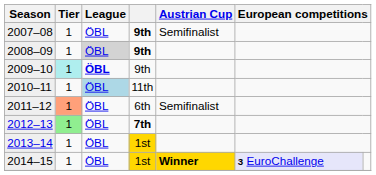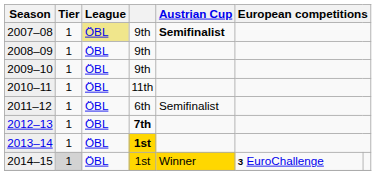 <table class="wikitable" style="font-size:85%">
 <tr>
 <th>Season</th>
 <th>Tier</th>
 <th>League</th>
 <th></th>
 <th><a href='#'>Austrian Cup</a></th>
 <th colspan=2>European competitions</th>
 </tr>
 <tr>
 <td style="background:#efefef;">2007–08</td>
 <td align="center">1</td>
-<td><a href='#'>ÖBL</a></td>
-<td style="background:"  align="center"><strong>9th</strong></td>
-<td>Semifinalist</td>
+<td style="background: khaki;"><a href='#'>ÖBL</a></td>
+<td style="background:"  align="center">9th</td>
+<td><strong>Semifinalist</strong></td>
 <td colspan=2></td>
 </tr>
 <tr>
 <td style="background:#efefef;">2008–09</td>
 <td align="center">1</td>
-<td style="background: lightgrey;"><a href='#'>ÖBL</a></td>
-<td style="background:"  align="center"><strong>9th</strong></td>
+<td><a href='#'>ÖBL</a></td>
+<td style="background:"  align="center">9th</td>
 <td></td>
 <td colspan=2></td>
 </tr>
 <tr>
 <td style="background:#efefef;">2009–10</td>
-<td align="center" style="background: paleturquoise;">1</td>
-<td><strong><a href='#'>ÖBL</a></strong></td>
+<td align="center">1</td>
+<td><a href='#'>ÖBL</a></td>
 <td style="background:"  align="center">9th</td>
 <td></td>
 <td colspan=2></td>
 </tr>
 <tr>
 <td style="background:#efefef;">2010–11</td>
 <td align="center">1</td>
-<td style="background: lightblue;"><a href='#'>ÖBL</a></td>
+<td><a href='#'>ÖBL</a></td>
 <td style="background:"  align="center">11th</td>
 <td></td>
 <td colspan=2></td>
 </tr>
 <tr>
 <td style="background:#efefef;">2011–12</td>
-<td align="center" style="background: lightsalmon;">1</td>
+<td align="center">1</td>
 <td><a href='#'>ÖBL</a></td>
 <td style="background:"  align="center">6th</td>
 <td>Semifinalist</td>
 <td colspan=2></td>
 </tr>
 <tr>
 <td style="background:#efefef;"><a href='#'>2012–13</a></td>
-<td align="center" style="background: lightgreen;">1</td>
+<td align="center">1</td>
 <td><a href='#'>ÖBL</a></td>
 <td style="background:"  align="center"><strong>7th</strong></td>
 <td></td>
 <td colspan=2></td>
 </tr>
 <tr>
 <td style="background:#efefef;"><a href='#'>2013–14</a></td>
 <td align="center">1</td>
 <td><a href='#'>ÖBL</a></td>
-<td style="background:gold"  align="center">1st</td>
+<td style="background:gold"  align="center"><strong>1st</strong></td>
 <td></td>
 <td colspan=2></td>
 </tr>
 <tr>
 <td style="background:#efefef;">2014–15</td>
-<td align="center">1</td>
+<td align="center" style="background: lightgrey;">1</td>
 <td><a href='#'>ÖBL</a></td>
 <td style="background:gold;"  align="center">1st</td>
-<td bgcolor=gold><strong>Winner</strong></td>
-<td style="background: lavender;"><small><strong>3</strong></small> <a href='#'>EuroChallenge</a></td>
+<td bgcolor=gold>Winner</td>
+<td><small><strong>3</strong></small> <a href='#'>EuroChallenge</a></td>
 <td></td>
 </tr>
 <tr>
 </tr>
 </table>
